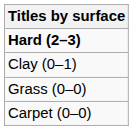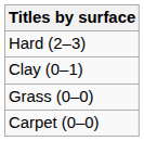 <table class=wikitable style=font-size:97%>
 <tr>
 <th>Titles by surface</th>
 </tr>
 <tr>
-<td><strong>Hard (2–3)</strong></td>
+<td>Hard (2–3)</td>
 </tr>
 <tr>
 <td>Clay (0–1)</td>
 </tr>
 <tr>
 <td>Grass (0–0)</td>
 </tr>
 <tr>
 <td>Carpet (0–0)</td>
 </tr>
 </table>
